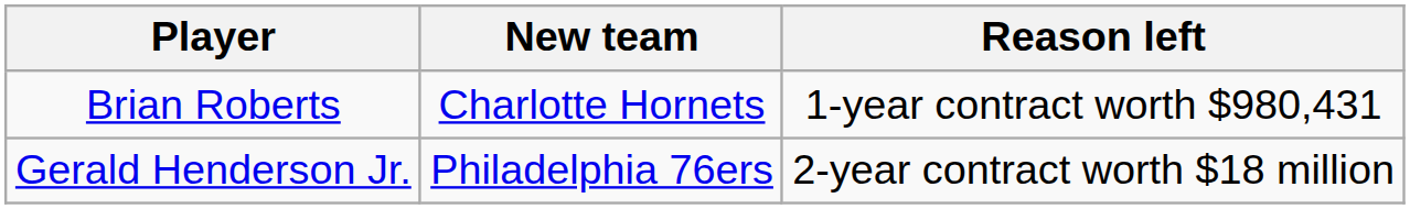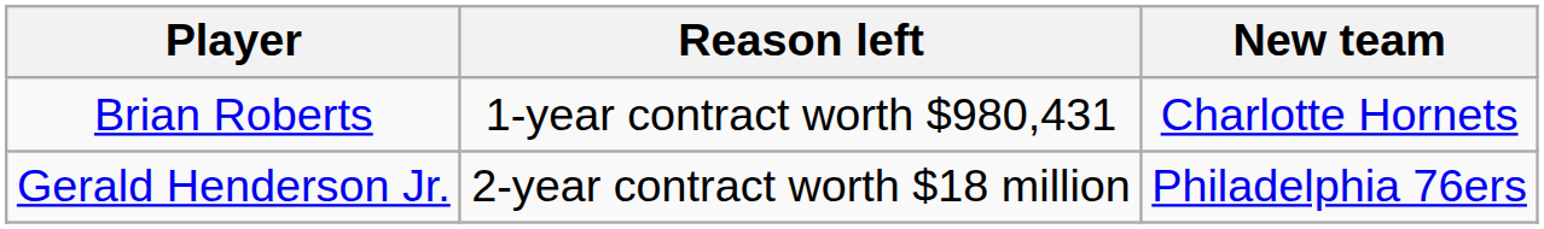 <table class="wikitable sortable sortable" style="text-align: center">
 <tr>
 <th>Player</th>
+<th>Reason left</th>
 <th>New team</th>
-<th>Reason left</th>
 </tr>
 <tr style="text-align: center">
 <td><a href='#'>Brian Roberts</a></td>
+<td>1-year contract worth $980,431</td>
 <td><a href='#'>Charlotte Hornets</a></td>
-<td>1-year contract worth $980,431</td>
 </tr>
 <tr style="text-align: center">
 <td><a href='#'>Gerald Henderson Jr.</a></td>
+<td>2-year contract worth $18 million</td>
 <td><a href='#'>Philadelphia 76ers</a></td>
-<td>2-year contract worth $18 million</td>
 </tr>
 </table>
